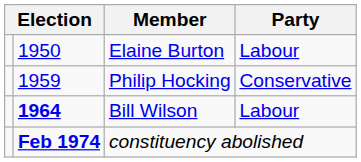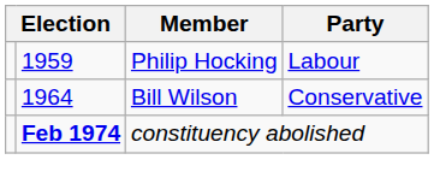 <table class="wikitable">
 <tr>
 <th colspan="2">Election</th>
 <th>Member</th>
 <th>Party</th>
 </tr>
 <tr>
 <td style="color:inherit;background-color: "></td>
-<td><a href='#'>1950</a></td>
-<td><a href='#'>Elaine Burton</a></td>
+<td><a href='#'>1959</a></td>
+<td><a href='#'>Philip Hocking</a></td>
 <td><a href='#'>Labour</a></td>
 </tr>
 <tr>
 <td style="color:inherit;background-color: "></td>
-<td><a href='#'>1959</a></td>
-<td><a href='#'>Philip Hocking</a></td>
+<td><a href='#'>1964</a></td>
+<td><a href='#'>Bill Wilson</a></td>
 <td><a href='#'>Conservative</a></td>
-</tr>
-<tr>
-<td style="color:inherit;background-color: "></td>
-<td><strong><a href='#'>1964</a></strong></td>
-<td><a href='#'>Bill Wilson</a></td>
-<td><a href='#'>Labour</a></td>
 </tr>
 <tr>
 <td></td>
 <td><strong><a href='#'>Feb 1974</a></strong></td>
 <td colspan="2"><em>constituency abolished</em></td>
 </tr>
 </table>
